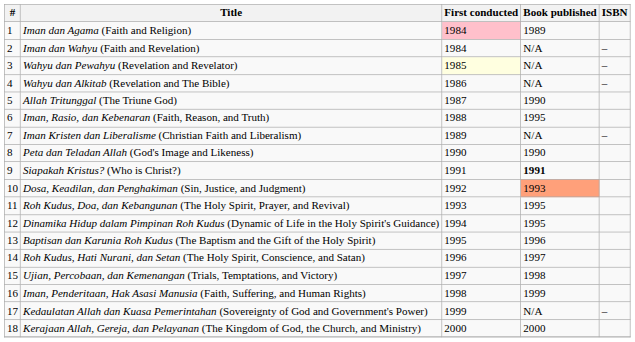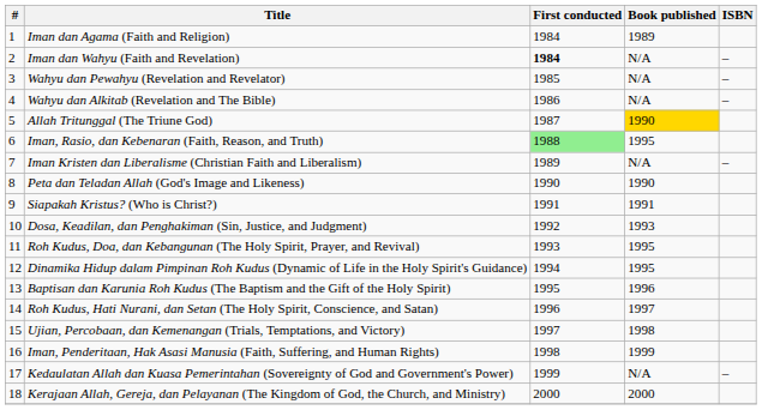 <table class="wikitable sortable">
 <tr>
 <th>#</th>
 <th>Title</th>
 <th>First conducted</th>
 <th>Book published</th>
 <th>ISBN</th>
 </tr>
 <tr>
 <td>1</td>
 <td><em>Iman dan Agama</em> (Faith and Religion)</td>
-<td style="background: pink;">1984</td>
+<td>1984</td>
 <td>1989</td>
 <td></td>
 </tr>
 <tr>
 <td>2</td>
 <td><em>Iman dan Wahyu</em> (Faith and Revelation)</td>
-<td>1984</td>
+<td><strong>1984</strong></td>
 <td>N/A</td>
 <td>–</td>
 </tr>
 <tr>
 <td>3</td>
 <td><em>Wahyu dan Pewahyu</em> (Revelation and Revelator)</td>
-<td style="background: lightyellow;">1985</td>
+<td>1985</td>
 <td>N/A</td>
 <td>–</td>
 </tr>
 <tr>
 <td>4</td>
 <td><em>Wahyu dan Alkitab</em> (Revelation and The Bible)</td>
 <td>1986</td>
 <td>N/A</td>
 <td>–</td>
 </tr>
 <tr>
 <td>5</td>
 <td><em>Allah Tritunggal</em> (The Triune God)</td>
 <td>1987</td>
-<td>1990</td>
+<td style="background: gold;">1990</td>
 <td></td>
 </tr>
 <tr>
 <td>6</td>
 <td><em>Iman, Rasio, dan Kebenaran</em> (Faith, Reason, and Truth)</td>
-<td>1988</td>
+<td style="background: lightgreen;">1988</td>
 <td>1995</td>
 <td></td>
 </tr>
 <tr>
 <td>7</td>
 <td><em>Iman Kristen dan Liberalisme</em> (Christian Faith and Liberalism)</td>
 <td>1989</td>
 <td>N/A</td>
 <td>–</td>
 </tr>
 <tr>
 <td>8</td>
 <td><em>Peta dan Teladan Allah</em> (God's Image and Likeness)</td>
 <td>1990</td>
 <td>1990</td>
 <td></td>
 </tr>
 <tr>
 <td>9</td>
 <td><em>Siapakah Kristus?</em> (Who is Christ?)</td>
 <td>1991</td>
-<td><strong>1991</strong></td>
+<td>1991</td>
 <td></td>
 </tr>
 <tr>
 <td>10</td>
 <td><em>Dosa, Keadilan, dan Penghakiman</em> (Sin, Justice, and Judgment)</td>
 <td>1992</td>
-<td style="background: lightsalmon;">1993</td>
+<td>1993</td>
 <td></td>
 </tr>
 <tr>
 <td>11</td>
 <td><em>Roh Kudus, Doa, dan Kebangunan</em> (The Holy Spirit, Prayer, and Revival)</td>
 <td>1993</td>
 <td>1995</td>
 <td></td>
 </tr>
 <tr>
 <td>12</td>
 <td><em>Dinamika Hidup dalam Pimpinan Roh Kudus</em> (Dynamic of Life in the Holy Spirit's Guidance)</td>
 <td>1994</td>
 <td>1995</td>
 <td></td>
 </tr>
 <tr>
 <td>13</td>
 <td><em>Baptisan dan Karunia Roh Kudus</em> (The Baptism and the Gift of the Holy Spirit)</td>
 <td>1995</td>
 <td>1996</td>
 <td></td>
 </tr>
 <tr>
 <td>14</td>
 <td><em>Roh Kudus, Hati Nurani, dan Setan</em> (The Holy Spirit, Conscience, and Satan)</td>
 <td>1996</td>
 <td>1997</td>
 <td></td>
 </tr>
 <tr>
 <td>15</td>
 <td><em>Ujian, Percobaan, dan Kemenangan</em> (Trials, Temptations, and Victory)</td>
 <td>1997</td>
 <td>1998</td>
 <td></td>
 </tr>
 <tr>
 <td>16</td>
 <td><em>Iman, Penderitaan, Hak Asasi Manusia</em> (Faith, Suffering, and Human Rights)</td>
 <td>1998</td>
 <td>1999</td>
 <td></td>
 </tr>
 <tr>
 <td>17</td>
 <td><em>Kedaulatan Allah dan Kuasa Pemerintahan</em> (Sovereignty of God and Government's Power)</td>
 <td>1999</td>
 <td>N/A</td>
 <td>–</td>
 </tr>
 <tr>
 <td>18</td>
 <td><em>Kerajaan Allah, Gereja, dan Pelayanan</em> (The Kingdom of God, the Church, and Ministry)</td>
 <td>2000</td>
 <td>2000</td>
 <td></td>
 </tr>
 <tr>
 </tr>
 </table>
